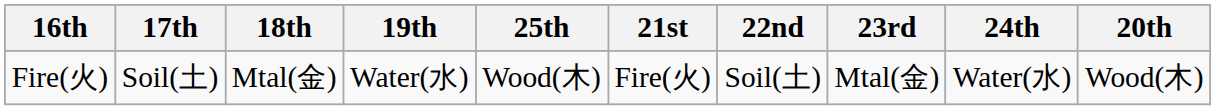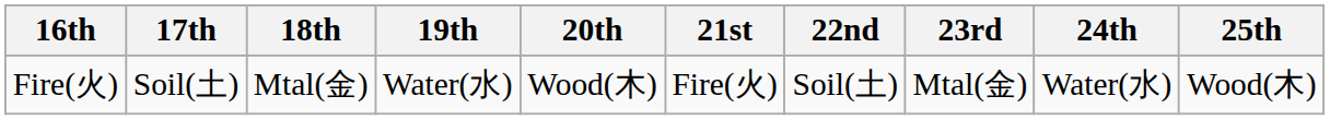 <table class="wikitable">
 <tr>
 <th>16th</th>
 <th>17th</th>
 <th>18th</th>
 <th>19th</th>
-<th>25th</th>
+<th>20th</th>
 <th>21st</th>
 <th>22nd</th>
 <th>23rd</th>
 <th>24th</th>
-<th>20th</th>
+<th>25th</th>
 </tr>
 <tr>
 <td>Fire(火)</td>
 <td>Soil(土)</td>
 <td>Mtal(金)</td>
 <td>Water(水)</td>
 <td>Wood(木)</td>
 <td>Fire(火)</td>
 <td>Soil(土)</td>
 <td>Mtal(金)</td>
 <td>Water(水)</td>
 <td>Wood(木)</td>
 </tr>
 </table>
